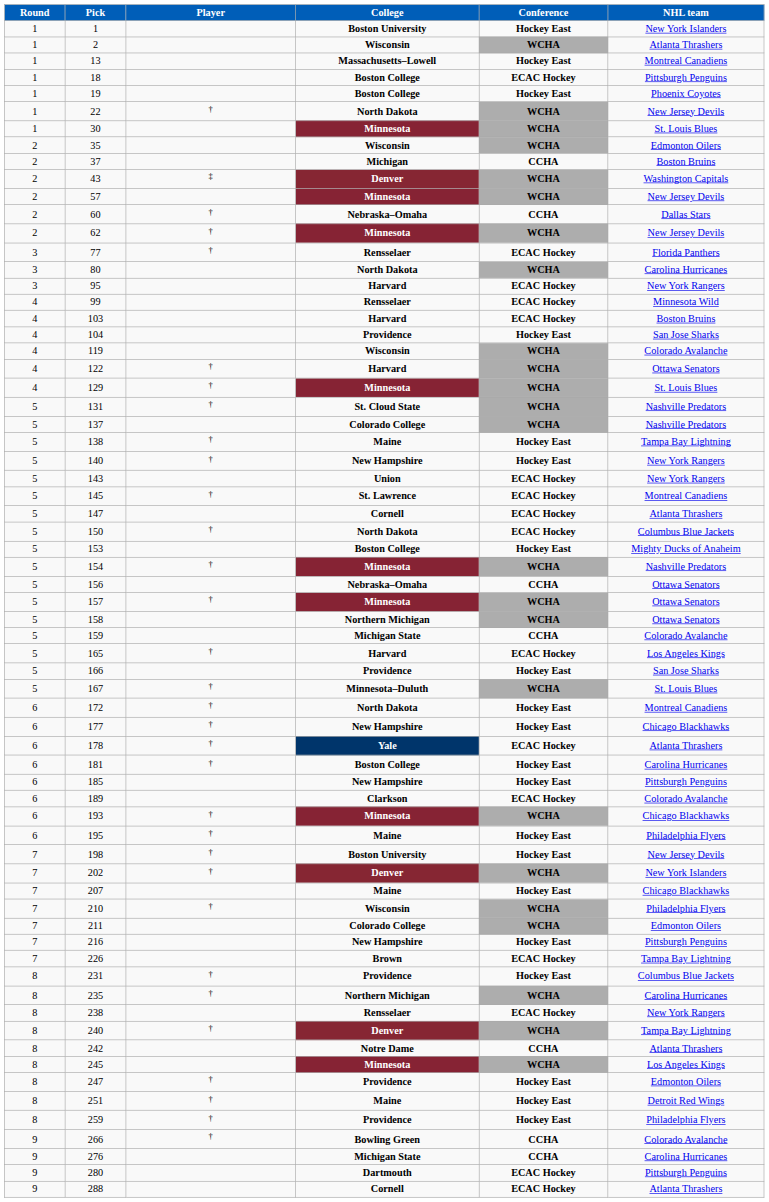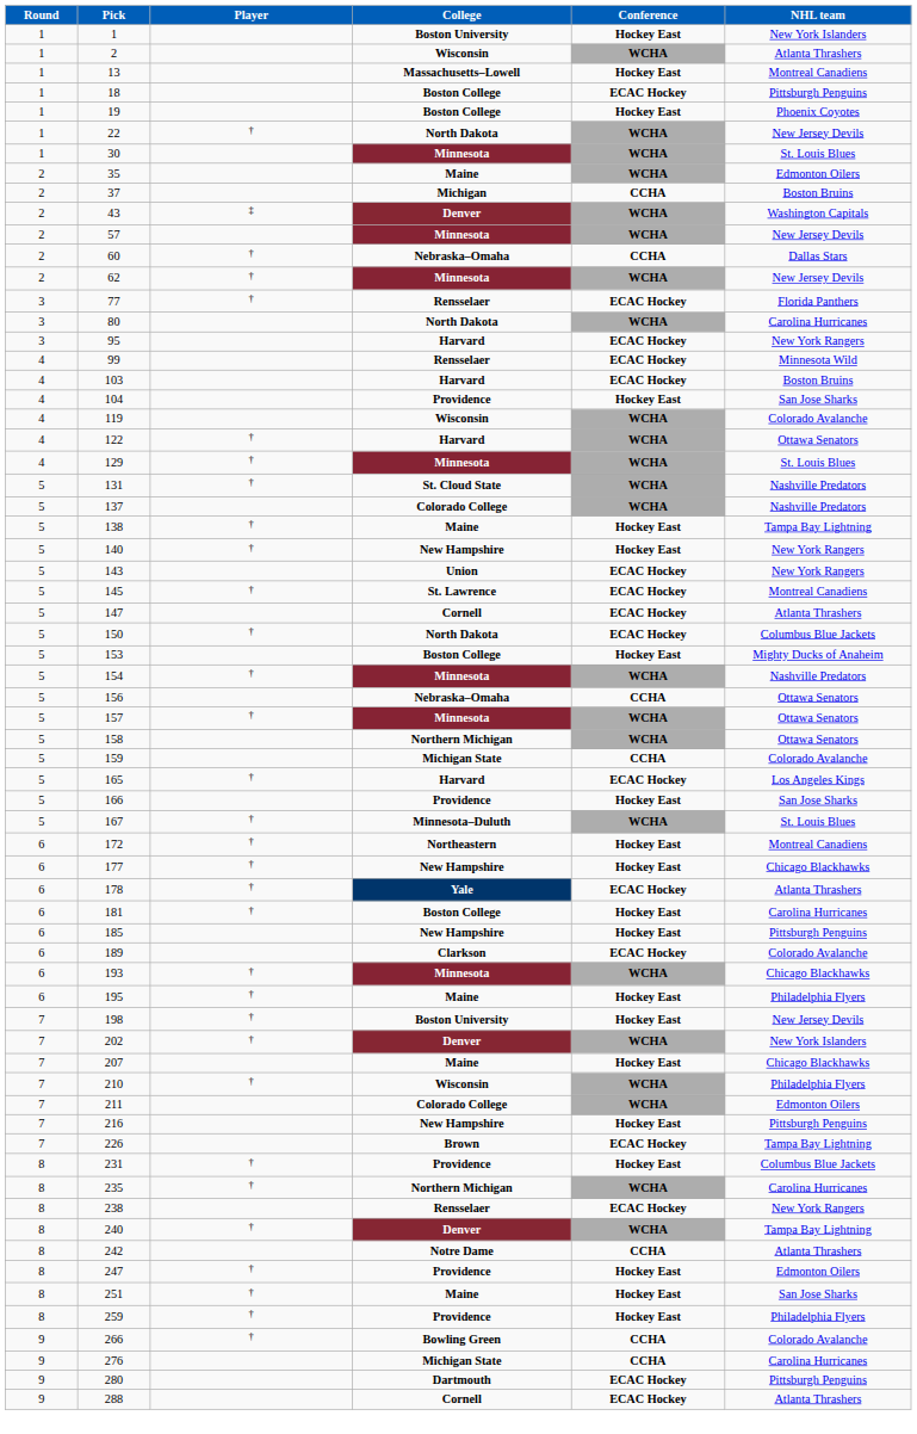 <table class="wikitable sortable" width="75%">
 <tr>
 <th style="color:white; background-color:#005EB8; width: 4em;">Round</th>
 <th style="color:white; background-color:#005EB8; width: 4em;">Pick</th>
 <th style="color:white; background-color:#005EB8; width: 12em;">Player</th>
 <th style="color:white; background-color:#005EB8; width: 13em;">College</th>
 <th style="color:white; background-color:#005EB8; width: 9em;">Conference</th>
 <th style="color:white; background-color:#005EB8; width: 11em;">NHL team</th>
 </tr>
 <tr align="center" bgcolor="">
 <td>1</td>
 <td>1</td>
 <td></td>
 <td><strong>Boston University</strong></td>
 <td><strong>Hockey East</strong></td>
 <td><a href='#'>New York Islanders</a></td>
 </tr>
 <tr align="center" bgcolor="">
 <td>1</td>
 <td>2</td>
 <td></td>
 <td><strong>Wisconsin</strong></td>
 <td style="color:black; background:#ADADAD; "><strong>WCHA</strong></td>
 <td><a href='#'>Atlanta Thrashers</a></td>
 </tr>
 <tr align="center" bgcolor="">
 <td>1</td>
 <td>13</td>
 <td></td>
 <td><strong>Massachusetts–Lowell</strong></td>
 <td><strong>Hockey East</strong></td>
 <td><a href='#'>Montreal Canadiens</a></td>
 </tr>
 <tr align="center" bgcolor="">
 <td>1</td>
 <td>18</td>
 <td></td>
 <td><strong>Boston College</strong></td>
 <td><strong>ECAC Hockey</strong></td>
 <td><a href='#'>Pittsburgh Penguins</a></td>
 </tr>
 <tr align="center" bgcolor="">
 <td>1</td>
 <td>19</td>
 <td></td>
 <td><strong>Boston College</strong></td>
 <td><strong>Hockey East</strong></td>
 <td><a href='#'>Phoenix Coyotes</a></td>
 </tr>
 <tr align="center" bgcolor="">
 <td>1</td>
 <td>22</td>
 <td> <sup>†</sup></td>
 <td><strong>North Dakota</strong></td>
 <td style="color:black; background:#ADADAD; "><strong>WCHA</strong></td>
 <td><a href='#'>New Jersey Devils</a></td>
 </tr>
 <tr align="center" bgcolor="">
 <td>1</td>
 <td>30</td>
 <td></td>
 <td style="color:white; background:#862334; "><strong>Minnesota</strong></td>
 <td style="color:black; background:#ADADAD; "><strong>WCHA</strong></td>
 <td><a href='#'>St. Louis Blues</a></td>
 </tr>
 <tr align="center" bgcolor="">
 <td>2</td>
 <td>35</td>
 <td></td>
-<td><strong>Wisconsin</strong></td>
+<td><strong>Maine</strong></td>
 <td style="color:black; background:#ADADAD; "><strong>WCHA</strong></td>
 <td><a href='#'>Edmonton Oilers</a></td>
 </tr>
 <tr align="center" bgcolor="">
 <td>2</td>
 <td>37</td>
 <td></td>
 <td><strong>Michigan</strong></td>
 <td><strong>CCHA</strong></td>
 <td><a href='#'>Boston Bruins</a></td>
 </tr>
 <tr align="center" bgcolor="">
 <td>2</td>
 <td>43</td>
 <td> <sup>‡</sup></td>
 <td style="color:white; background:#862633; "><strong>Denver</strong></td>
 <td style="color:black; background:#ADADAD; "><strong>WCHA</strong></td>
 <td><a href='#'>Washington Capitals</a></td>
 </tr>
 <tr align="center" bgcolor="">
 <td>2</td>
 <td>57</td>
 <td></td>
 <td style="color:white; background:#862334; "><strong>Minnesota</strong></td>
 <td style="color:black; background:#ADADAD; "><strong>WCHA</strong></td>
 <td><a href='#'>New Jersey Devils</a></td>
 </tr>
 <tr align="center" bgcolor="">
 <td>2</td>
 <td>60</td>
 <td> <sup>†</sup></td>
 <td><strong>Nebraska–Omaha</strong></td>
 <td><strong>CCHA</strong></td>
 <td><a href='#'>Dallas Stars</a></td>
 </tr>
 <tr align="center" bgcolor="">
 <td>2</td>
 <td>62</td>
 <td> <sup>†</sup></td>
 <td style="color:white; background:#862334; "><strong>Minnesota</strong></td>
 <td style="color:black; background:#ADADAD; "><strong>WCHA</strong></td>
 <td><a href='#'>New Jersey Devils</a></td>
 </tr>
 <tr align="center" bgcolor="">
 <td>3</td>
 <td>77</td>
 <td> <sup>†</sup></td>
 <td><strong>Rensselaer</strong></td>
 <td><strong>ECAC Hockey</strong></td>
 <td><a href='#'>Florida Panthers</a></td>
 </tr>
 <tr align="center" bgcolor="">
 <td>3</td>
 <td>80</td>
 <td></td>
 <td><strong>North Dakota</strong></td>
 <td style="color:black; background:#ADADAD; "><strong>WCHA</strong></td>
 <td><a href='#'>Carolina Hurricanes</a></td>
 </tr>
 <tr align="center" bgcolor="">
 <td>3</td>
 <td>95</td>
 <td></td>
 <td><strong>Harvard</strong></td>
 <td><strong>ECAC Hockey</strong></td>
 <td><a href='#'>New York Rangers</a></td>
 </tr>
 <tr align="center" bgcolor="">
 <td>4</td>
 <td>99</td>
 <td></td>
 <td><strong>Rensselaer</strong></td>
 <td><strong>ECAC Hockey</strong></td>
 <td><a href='#'>Minnesota Wild</a></td>
 </tr>
 <tr align="center" bgcolor="">
 <td>4</td>
 <td>103</td>
 <td></td>
 <td><strong>Harvard</strong></td>
 <td><strong>ECAC Hockey</strong></td>
 <td><a href='#'>Boston Bruins</a></td>
 </tr>
 <tr align="center" bgcolor="">
 <td>4</td>
 <td>104</td>
 <td></td>
 <td><strong>Providence</strong></td>
 <td><strong>Hockey East</strong></td>
 <td><a href='#'>San Jose Sharks</a></td>
 </tr>
 <tr align="center" bgcolor="">
 <td>4</td>
 <td>119</td>
 <td></td>
 <td><strong>Wisconsin</strong></td>
 <td style="color:black; background:#ADADAD; "><strong>WCHA</strong></td>
 <td><a href='#'>Colorado Avalanche</a></td>
 </tr>
 <tr align="center" bgcolor="">
 <td>4</td>
 <td>122</td>
 <td> <sup>†</sup></td>
 <td><strong>Harvard</strong></td>
 <td style="color:black; background:#ADADAD; "><strong>WCHA</strong></td>
 <td><a href='#'>Ottawa Senators</a></td>
 </tr>
 <tr align="center" bgcolor="">
 <td>4</td>
 <td>129</td>
 <td> <sup>†</sup></td>
 <td style="color:white; background:#862334; "><strong>Minnesota</strong></td>
 <td style="color:black; background:#ADADAD; "><strong>WCHA</strong></td>
 <td><a href='#'>St. Louis Blues</a></td>
 </tr>
 <tr align="center" bgcolor="">
 <td>5</td>
 <td>131</td>
 <td> <sup>†</sup></td>
 <td><strong>St. Cloud State</strong></td>
 <td style="color:black; background:#ADADAD; "><strong>WCHA</strong></td>
 <td><a href='#'>Nashville Predators</a></td>
 </tr>
 <tr align="center" bgcolor="">
 <td>5</td>
 <td>137</td>
 <td></td>
 <td><strong>Colorado College</strong></td>
 <td style="color:black; background:#ADADAD; "><strong>WCHA</strong></td>
 <td><a href='#'>Nashville Predators</a></td>
 </tr>
 <tr align="center" bgcolor="">
 <td>5</td>
 <td>138</td>
 <td> <sup>†</sup></td>
 <td><strong>Maine</strong></td>
 <td><strong>Hockey East</strong></td>
 <td><a href='#'>Tampa Bay Lightning</a></td>
 </tr>
 <tr align="center" bgcolor="">
 <td>5</td>
 <td>140</td>
 <td> <sup>†</sup></td>
 <td><strong>New Hampshire</strong></td>
 <td><strong>Hockey East</strong></td>
 <td><a href='#'>New York Rangers</a></td>
 </tr>
 <tr align="center" bgcolor="">
 <td>5</td>
 <td>143</td>
 <td></td>
 <td><strong>Union</strong></td>
 <td><strong>ECAC Hockey</strong></td>
 <td><a href='#'>New York Rangers</a></td>
 </tr>
 <tr align="center" bgcolor="">
 <td>5</td>
 <td>145</td>
 <td> <sup>†</sup></td>
 <td><strong>St. Lawrence</strong></td>
 <td><strong>ECAC Hockey</strong></td>
 <td><a href='#'>Montreal Canadiens</a></td>
 </tr>
 <tr align="center" bgcolor="">
 <td>5</td>
 <td>147</td>
 <td></td>
 <td><strong>Cornell</strong></td>
 <td><strong>ECAC Hockey</strong></td>
 <td><a href='#'>Atlanta Thrashers</a></td>
 </tr>
 <tr align="center" bgcolor="">
 <td>5</td>
 <td>150</td>
 <td> <sup>†</sup></td>
 <td><strong>North Dakota</strong></td>
 <td><strong>ECAC Hockey</strong></td>
 <td><a href='#'>Columbus Blue Jackets</a></td>
 </tr>
 <tr align="center" bgcolor="">
 <td>5</td>
 <td>153</td>
 <td></td>
 <td><strong>Boston College</strong></td>
 <td><strong>Hockey East</strong></td>
 <td><a href='#'>Mighty Ducks of Anaheim</a></td>
 </tr>
 <tr align="center" bgcolor="">
 <td>5</td>
 <td>154</td>
 <td> <sup>†</sup></td>
 <td style="color:white; background:#862334; "><strong>Minnesota</strong></td>
 <td style="color:black; background:#ADADAD; "><strong>WCHA</strong></td>
 <td><a href='#'>Nashville Predators</a></td>
 </tr>
 <tr align="center" bgcolor="">
 <td>5</td>
 <td>156</td>
 <td></td>
 <td><strong>Nebraska–Omaha</strong></td>
 <td><strong>CCHA</strong></td>
 <td><a href='#'>Ottawa Senators</a></td>
 </tr>
 <tr align="center" bgcolor="">
 <td>5</td>
 <td>157</td>
 <td> <sup>†</sup></td>
 <td style="color:white; background:#862334; "><strong>Minnesota</strong></td>
 <td style="color:black; background:#ADADAD; "><strong>WCHA</strong></td>
 <td><a href='#'>Ottawa Senators</a></td>
 </tr>
 <tr align="center" bgcolor="">
 <td>5</td>
 <td>158</td>
 <td></td>
 <td><strong>Northern Michigan</strong></td>
 <td style="color:black; background:#ADADAD; "><strong>WCHA</strong></td>
 <td><a href='#'>Ottawa Senators</a></td>
 </tr>
 <tr align="center" bgcolor="">
 <td>5</td>
 <td>159</td>
 <td></td>
 <td><strong>Michigan State</strong></td>
 <td><strong>CCHA</strong></td>
 <td><a href='#'>Colorado Avalanche</a></td>
 </tr>
 <tr align="center" bgcolor="">
 <td>5</td>
 <td>165</td>
 <td> <sup>†</sup></td>
 <td><strong>Harvard</strong></td>
 <td><strong>ECAC Hockey</strong></td>
 <td><a href='#'>Los Angeles Kings</a></td>
 </tr>
 <tr align="center" bgcolor="">
 <td>5</td>
 <td>166</td>
 <td></td>
 <td><strong>Providence</strong></td>
 <td><strong>Hockey East</strong></td>
 <td><a href='#'>San Jose Sharks</a></td>
 </tr>
 <tr align="center" bgcolor="">
 <td>5</td>
 <td>167</td>
 <td> <sup>†</sup></td>
 <td><strong>Minnesota–Duluth</strong></td>
 <td style="color:black; background:#ADADAD; "><strong>WCHA</strong></td>
 <td><a href='#'>St. Louis Blues</a></td>
 </tr>
 <tr align="center" bgcolor="">
 <td>6</td>
 <td>172</td>
 <td> <sup>†</sup></td>
-<td><strong>North Dakota</strong></td>
+<td><strong>Northeastern</strong></td>
 <td><strong>Hockey East</strong></td>
 <td><a href='#'>Montreal Canadiens</a></td>
 </tr>
 <tr align="center" bgcolor="">
 <td>6</td>
 <td>177</td>
 <td> <sup>†</sup></td>
 <td><strong>New Hampshire</strong></td>
 <td><strong>Hockey East</strong></td>
 <td><a href='#'>Chicago Blackhawks</a></td>
 </tr>
 <tr align="center" bgcolor="">
 <td>6</td>
 <td>178</td>
 <td> <sup>†</sup></td>
 <td style="color:white; background:#00356B"><strong>Yale</strong></td>
 <td><strong>ECAC Hockey</strong></td>
 <td><a href='#'>Atlanta Thrashers</a></td>
 </tr>
 <tr align="center" bgcolor="">
 <td>6</td>
 <td>181</td>
 <td> <sup>†</sup></td>
 <td><strong>Boston College</strong></td>
 <td><strong>Hockey East</strong></td>
 <td><a href='#'>Carolina Hurricanes</a></td>
 </tr>
 <tr align="center" bgcolor="">
 <td>6</td>
 <td>185</td>
 <td></td>
 <td><strong>New Hampshire</strong></td>
 <td><strong>Hockey East</strong></td>
 <td><a href='#'>Pittsburgh Penguins</a></td>
 </tr>
 <tr align="center" bgcolor="">
 <td>6</td>
 <td>189</td>
 <td></td>
 <td><strong>Clarkson</strong></td>
 <td><strong>ECAC Hockey</strong></td>
 <td><a href='#'>Colorado Avalanche</a></td>
 </tr>
 <tr align="center" bgcolor="">
 <td>6</td>
 <td>193</td>
 <td> <sup>†</sup></td>
 <td style="color:white; background:#862334; "><strong>Minnesota</strong></td>
 <td style="color:black; background:#ADADAD; "><strong>WCHA</strong></td>
 <td><a href='#'>Chicago Blackhawks</a></td>
 </tr>
 <tr align="center" bgcolor="">
 <td>6</td>
 <td>195</td>
 <td> <sup>†</sup></td>
 <td><strong>Maine</strong></td>
 <td><strong>Hockey East</strong></td>
 <td><a href='#'>Philadelphia Flyers</a></td>
 </tr>
 <tr align="center" bgcolor="">
 <td>7</td>
 <td>198</td>
 <td> <sup>†</sup></td>
 <td><strong>Boston University</strong></td>
 <td><strong>Hockey East</strong></td>
 <td><a href='#'>New Jersey Devils</a></td>
 </tr>
 <tr align="center" bgcolor="">
 <td>7</td>
 <td>202</td>
 <td> <sup>†</sup></td>
 <td style="color:white; background:#862633; "><strong>Denver</strong></td>
 <td style="color:black; background:#ADADAD; "><strong>WCHA</strong></td>
 <td><a href='#'>New York Islanders</a></td>
 </tr>
 <tr align="center" bgcolor="">
 <td>7</td>
 <td>207</td>
 <td></td>
 <td><strong>Maine</strong></td>
 <td><strong>Hockey East</strong></td>
 <td><a href='#'>Chicago Blackhawks</a></td>
 </tr>
 <tr align="center" bgcolor="">
 <td>7</td>
 <td>210</td>
 <td> <sup>†</sup></td>
 <td><strong>Wisconsin</strong></td>
 <td style="color:black; background:#ADADAD; "><strong>WCHA</strong></td>
 <td><a href='#'>Philadelphia Flyers</a></td>
 </tr>
 <tr align="center" bgcolor="">
 <td>7</td>
 <td>211</td>
 <td></td>
 <td><strong>Colorado College</strong></td>
 <td style="color:black; background:#ADADAD; "><strong>WCHA</strong></td>
 <td><a href='#'>Edmonton Oilers</a></td>
 </tr>
 <tr align="center" bgcolor="">
 <td>7</td>
 <td>216</td>
 <td></td>
 <td><strong>New Hampshire</strong></td>
 <td><strong>Hockey East</strong></td>
 <td><a href='#'>Pittsburgh Penguins</a></td>
 </tr>
 <tr align="center" bgcolor="">
 <td>7</td>
 <td>226</td>
 <td></td>
 <td><strong>Brown</strong></td>
 <td><strong>ECAC Hockey</strong></td>
 <td><a href='#'>Tampa Bay Lightning</a></td>
 </tr>
 <tr align="center" bgcolor="">
 <td>8</td>
 <td>231</td>
 <td> <sup>†</sup></td>
 <td><strong>Providence</strong></td>
 <td><strong>Hockey East</strong></td>
 <td><a href='#'>Columbus Blue Jackets</a></td>
 </tr>
 <tr align="center" bgcolor="">
 <td>8</td>
 <td>235</td>
 <td> <sup>†</sup></td>
 <td><strong>Northern Michigan</strong></td>
 <td style="color:black; background:#ADADAD; "><strong>WCHA</strong></td>
 <td><a href='#'>Carolina Hurricanes</a></td>
 </tr>
 <tr align="center" bgcolor="">
 <td>8</td>
 <td>238</td>
 <td></td>
 <td><strong>Rensselaer</strong></td>
 <td><strong>ECAC Hockey</strong></td>
 <td><a href='#'>New York Rangers</a></td>
 </tr>
 <tr align="center" bgcolor="">
 <td>8</td>
 <td>240</td>
 <td> <sup>†</sup></td>
 <td style="color:white; background:#862633; "><strong>Denver</strong></td>
 <td style="color:black; background:#ADADAD; "><strong>WCHA</strong></td>
 <td><a href='#'>Tampa Bay Lightning</a></td>
 </tr>
 <tr align="center" bgcolor="">
 <td>8</td>
 <td>242</td>
 <td></td>
 <td><strong>Notre Dame</strong></td>
 <td><strong>CCHA</strong></td>
 <td><a href='#'>Atlanta Thrashers</a></td>
 </tr>
 <tr align="center" bgcolor="">
 <td>8</td>
-<td>245</td>
-<td></td>
-<td style="color:white; background:#862334; "><strong>Minnesota</strong></td>
-<td style="color:black; background:#ADADAD; "><strong>WCHA</strong></td>
-<td><a href='#'>Los Angeles Kings</a></td>
-</tr>
-<tr align="center" bgcolor="">
-<td>8</td>
 <td>247</td>
 <td> <sup>†</sup></td>
 <td><strong>Providence</strong></td>
 <td><strong>Hockey East</strong></td>
 <td><a href='#'>Edmonton Oilers</a></td>
 </tr>
 <tr align="center" bgcolor="">
 <td>8</td>
 <td>251</td>
 <td> <sup>†</sup></td>
 <td><strong>Maine</strong></td>
 <td><strong>Hockey East</strong></td>
-<td><a href='#'>Detroit Red Wings</a></td>
+<td><a href='#'>San Jose Sharks</a></td>
 </tr>
 <tr align="center" bgcolor="">
 <td>8</td>
 <td>259</td>
 <td> <sup>†</sup></td>
 <td><strong>Providence</strong></td>
 <td><strong>Hockey East</strong></td>
 <td><a href='#'>Philadelphia Flyers</a></td>
 </tr>
 <tr align="center" bgcolor="">
 <td>9</td>
 <td>266</td>
 <td> <sup>†</sup></td>
 <td><strong>Bowling Green</strong></td>
 <td><strong>CCHA</strong></td>
 <td><a href='#'>Colorado Avalanche</a></td>
 </tr>
 <tr align="center" bgcolor="">
 <td>9</td>
 <td>276</td>
 <td></td>
 <td><strong>Michigan State</strong></td>
 <td><strong>CCHA</strong></td>
 <td><a href='#'>Carolina Hurricanes</a></td>
 </tr>
 <tr align="center" bgcolor="">
 <td>9</td>
 <td>280</td>
 <td></td>
 <td><strong>Dartmouth</strong></td>
 <td><strong>ECAC Hockey</strong></td>
 <td><a href='#'>Pittsburgh Penguins</a></td>
 </tr>
 <tr align="center" bgcolor="">
 <td>9</td>
 <td>288</td>
 <td></td>
 <td><strong>Cornell</strong></td>
 <td><strong>ECAC Hockey</strong></td>
 <td><a href='#'>Atlanta Thrashers</a></td>
 </tr>
 </table>
